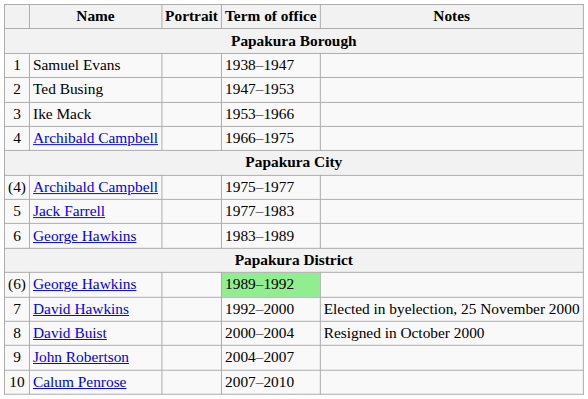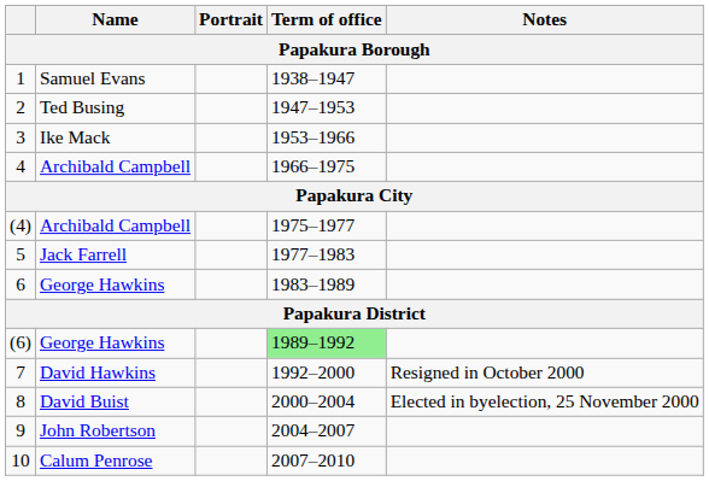 <table class="wikitable">
 <tr>
 <th></th>
 <th>Name</th>
 <th>Portrait</th>
 <th>Term of office</th>
 <th>Notes</th>
 </tr>
 <tr>
 <th colspan=5>Papakura Borough</th>
 </tr>
 <tr>
 <td align=center>1</td>
 <td>Samuel Evans</td>
 <td></td>
 <td>1938–1947</td>
 <td></td>
 </tr>
 <tr>
 <td align=center>2</td>
 <td>Ted Busing</td>
 <td></td>
 <td>1947–1953</td>
 <td></td>
 </tr>
 <tr>
 <td align=center>3</td>
 <td>Ike Mack</td>
 <td></td>
 <td>1953–1966</td>
 <td></td>
 </tr>
 <tr>
 <td align=center>4</td>
 <td><a href='#'>Archibald Campbell</a></td>
 <td></td>
 <td>1966–1975</td>
 <td></td>
 </tr>
 <tr>
 <th colspan=5>Papakura City</th>
 </tr>
 <tr>
 <td align=center>(4)</td>
 <td><a href='#'>Archibald Campbell</a></td>
 <td></td>
 <td>1975–1977</td>
 <td></td>
 </tr>
 <tr>
 <td align=center>5</td>
 <td><a href='#'>Jack Farrell</a></td>
 <td></td>
 <td>1977–1983</td>
 <td></td>
 </tr>
 <tr>
 <td align=center>6</td>
 <td><a href='#'>George Hawkins</a></td>
 <td></td>
 <td>1983–1989</td>
 <td></td>
 </tr>
 <tr>
 <th colspan=5>Papakura District</th>
 </tr>
 <tr>
 <td align=center>(6)</td>
 <td><a href='#'>George Hawkins</a></td>
 <td></td>
 <td style="background: lightgreen;">1989–1992</td>
 <td></td>
 </tr>
 <tr>
 <td align=center>7</td>
 <td><a href='#'>David Hawkins</a></td>
 <td></td>
 <td>1992–2000</td>
-<td>Elected in byelection, 25 November 2000</td>
+<td>Resigned in October 2000</td>
 </tr>
 <tr>
 <td align=center>8</td>
 <td><a href='#'>David Buist</a></td>
 <td></td>
 <td>2000–2004</td>
-<td>Resigned in October 2000</td>
+<td>Elected in byelection, 25 November 2000</td>
 </tr>
 <tr>
 <td align=center>9</td>
 <td><a href='#'>John Robertson</a></td>
 <td></td>
 <td>2004–2007</td>
 <td></td>
 </tr>
 <tr>
 <td align=center>10</td>
 <td><a href='#'>Calum Penrose</a></td>
 <td></td>
 <td>2007–2010</td>
 <td></td>
 </tr>
 </table>
